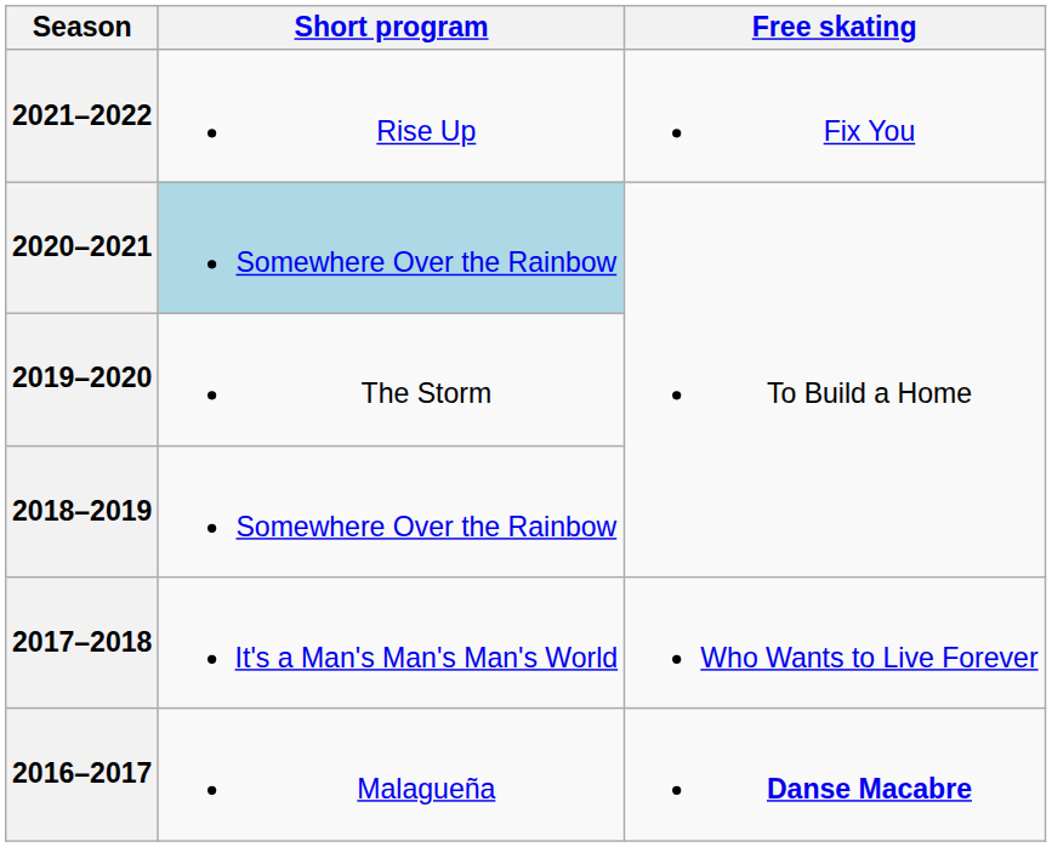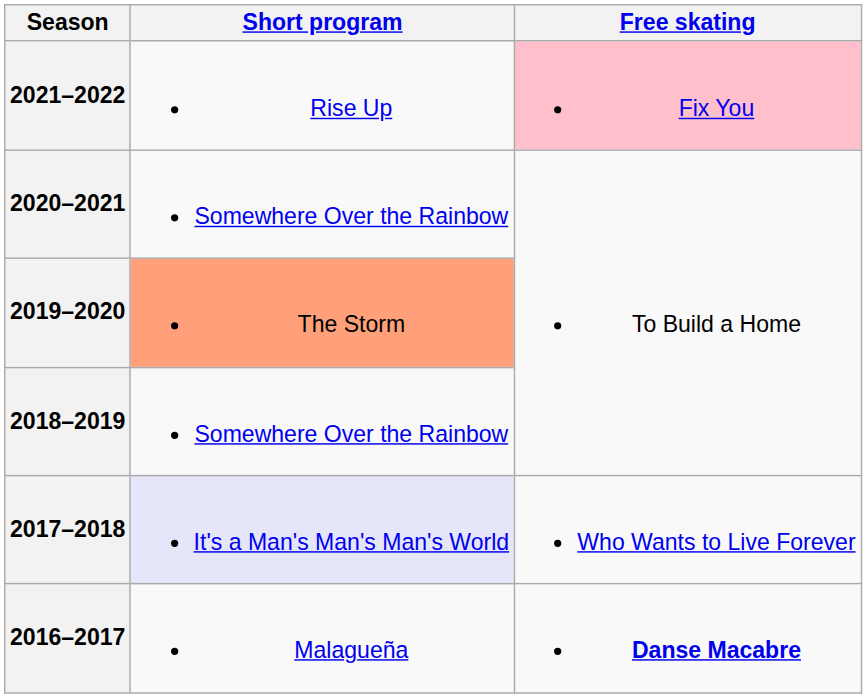 <table class="wikitable" style="text-align:center">
 <tr>
 <th>Season</th>
 <th><a href='#'>Short program</a></th>
 <th><a href='#'>Free skating</a></th>
 </tr>
 <tr>
 <th>2021–2022 <br> </th>
 <td><br><ul><li><a href='#'>Rise Up</a> <br></li></ul></td>
-<td><br><ul><li><a href='#'>Fix You</a> <br></li></ul></td>
+<td style="background: pink;"><br><ul><li><a href='#'>Fix You</a> <br></li></ul></td>
 </tr>
 <tr>
 <th>2020–2021 <br> </th>
-<td style="background: lightblue;"><br><ul><li><a href='#'>Somewhere Over the Rainbow</a> <br></li></ul></td>
+<td><br><ul><li><a href='#'>Somewhere Over the Rainbow</a> <br></li></ul></td>
 <td rowspan=3><br><ul><li>To Build a Home <br></li></ul></td>
 </tr>
 <tr>
 <th>2019–2020 <br> </th>
-<td><br><ul><li>The Storm <br></li></ul></td>
+<td style="background: lightsalmon;"><br><ul><li>The Storm <br></li></ul></td>
 </tr>
 <tr>
 <th>2018–2019 <br> </th>
 <td><br><ul><li><a href='#'>Somewhere Over the Rainbow</a> <br></li></ul></td>
 </tr>
 <tr>
 <th>2017–2018 <br> </th>
-<td><br><ul><li><a href='#'>It's a Man's Man's Man's World</a> <br></li></ul></td>
+<td style="background: lavender;"><br><ul><li><a href='#'>It's a Man's Man's Man's World</a> <br></li></ul></td>
 <td><br><ul><li><a href='#'>Who Wants to Live Forever</a> <br></li></ul></td>
 </tr>
 <tr>
 <th>2016–2017 <br> </th>
 <td><br><ul><li><a href='#'>Malagueña</a> <br></li></ul></td>
 <td><strong><br><ul><li><a href='#'>Danse Macabre</a> <br></li></ul></strong></td>
 </tr>
 </table>
